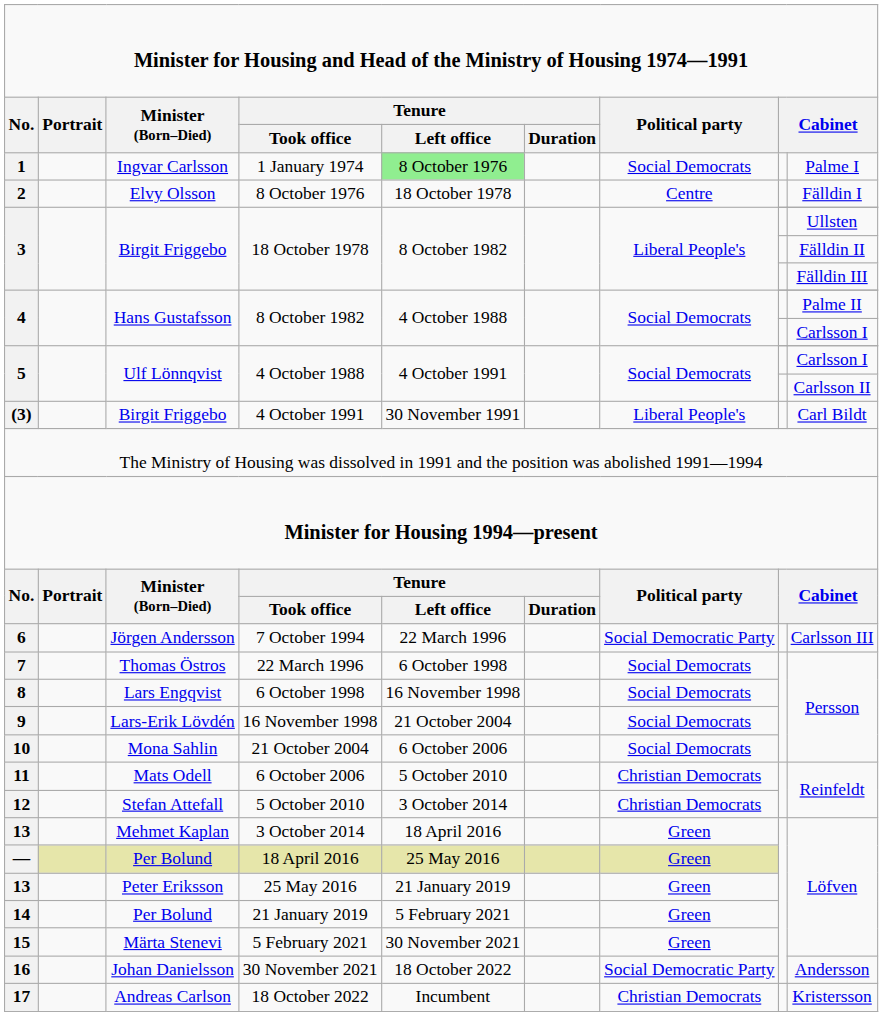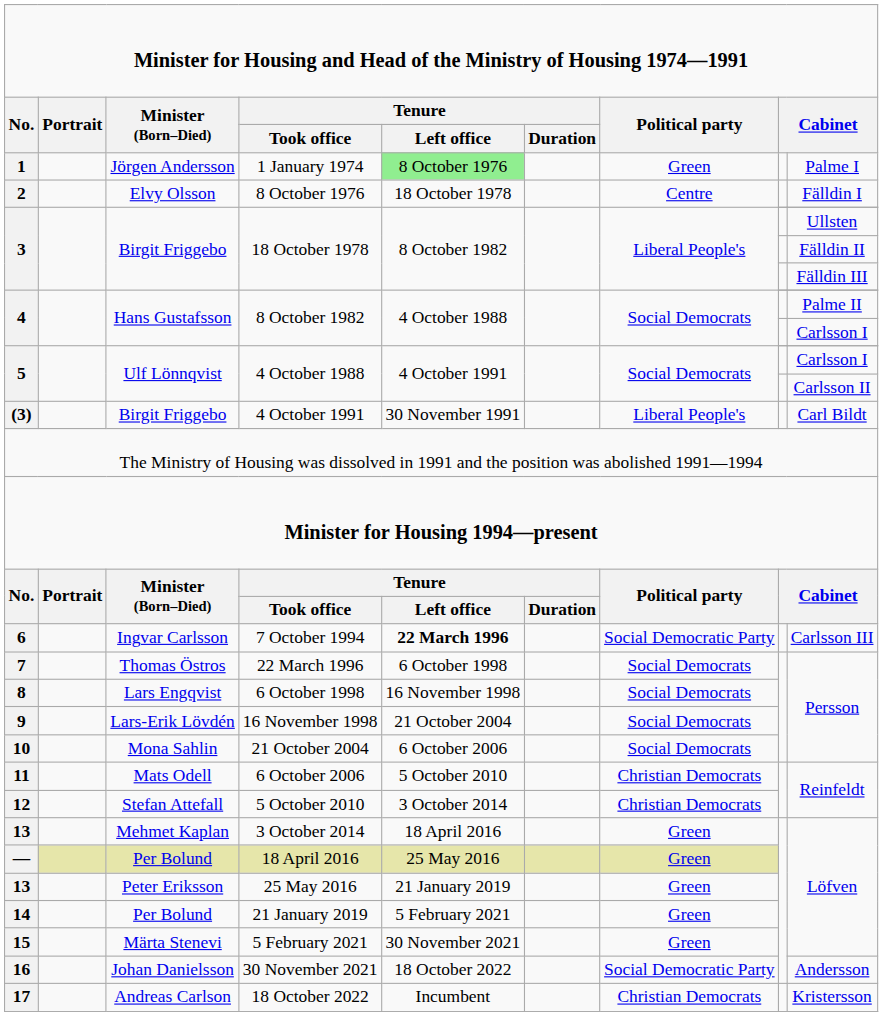 <table class="wikitable" style="text-align: center;">
 <tr>
 <td colspan=9><br><h3>Minister for Housing and Head of the Ministry of Housing 1974—1991</h3></td>
 </tr>
 <tr>
 <th rowspan="2">No.</th>
 <th rowspan="2">Portrait</th>
 <th rowspan="2">Minister<br><small>(Born–Died)</small></th>
 <th colspan="3">Tenure</th>
 <th rowspan="2">Political party</th>
 <th rowspan="2" colspan="2"><a href='#'>Cabinet</a></th>
 </tr>
 <tr>
 <th>Took office</th>
 <th>Left office</th>
 <th>Duration</th>
 </tr>
 <tr>
 <th style="background: ">1</th>
 <td></td>
-<td><a href='#'>Ingvar Carlsson</a><br></td>
+<td><a href='#'>Jörgen Andersson</a><br></td>
 <td>1 January 1974</td>
 <td style="background: lightgreen;">8 October 1976</td>
 <td></td>
-<td><a href='#'>Social Democrats</a></td>
+<td><a href='#'>Green</a></td>
 <td style="background: "></td>
 <td><a href='#'>Palme I</a></td>
 </tr>
 <tr>
 <th style="background: ">2</th>
 <td></td>
 <td><a href='#'>Elvy Olsson</a><br></td>
 <td>8 October 1976</td>
 <td>18 October 1978</td>
 <td></td>
 <td><a href='#'>Centre</a></td>
 <td style="background: "></td>
 <td><a href='#'>Fälldin I</a></td>
 </tr>
 <tr>
 <th rowspan="4" style="background: ">3</th>
 <td rowspan="4"></td>
 <td rowspan="4"><a href='#'>Birgit Friggebo</a><br></td>
 <td rowspan="4">18 October 1978</td>
 <td rowspan="4">8 October 1982</td>
 <td rowspan="4"></td>
 <td rowspan="4"><a href='#'>Liberal People's</a></td>
 </tr>
 <tr>
 <td style="background: "></td>
 <td><a href='#'>Ullsten</a></td>
 </tr>
 <tr>
 <td style="background: "></td>
 <td><a href='#'>Fälldin II</a></td>
 </tr>
 <tr>
 <td style="background: "></td>
 <td><a href='#'>Fälldin III</a></td>
 </tr>
 <tr>
 <th rowspan="3" style="background: ">4</th>
 <td rowspan="3"></td>
 <td rowspan="3"><a href='#'>Hans Gustafsson</a><br></td>
 <td rowspan="3">8 October 1982</td>
 <td rowspan="3">4 October 1988</td>
 <td rowspan="3"></td>
 <td rowspan="3"><a href='#'>Social Democrats</a></td>
 </tr>
 <tr>
 <td style="background: "></td>
 <td><a href='#'>Palme II</a></td>
 </tr>
 <tr>
 <td style="background: "></td>
 <td><a href='#'>Carlsson I</a></td>
 </tr>
 <tr>
 <th rowspan="3" style="background: ">5</th>
 <td rowspan="3"></td>
 <td rowspan="3"><a href='#'>Ulf Lönnqvist</a><br></td>
 <td rowspan="3">4 October 1988</td>
 <td rowspan="3">4 October 1991</td>
 <td rowspan="3"></td>
 <td rowspan="3"><a href='#'>Social Democrats</a></td>
 </tr>
 <tr>
 <td style="background: "></td>
 <td><a href='#'>Carlsson I</a></td>
 </tr>
 <tr>
 <td style="background: "></td>
 <td><a href='#'>Carlsson II</a></td>
 </tr>
 <tr>
 <th style="background: ">(3)</th>
 <td></td>
 <td><a href='#'>Birgit Friggebo</a><br></td>
 <td>4 October 1991</td>
 <td>30 November 1991</td>
 <td></td>
 <td><a href='#'>Liberal People's</a></td>
 <td style="background: "></td>
 <td><a href='#'>Carl Bildt</a></td>
 </tr>
 <tr>
 <td colspan=9><br>The Ministry of Housing was dissolved in 1991 and the position was abolished 1991—1994</td>
 </tr>
 <tr>
 <td colspan=9><br><h3>Minister for Housing 1994—present</h3></td>
 </tr>
 <tr>
 <th rowspan="2">No.</th>
 <th rowspan="2">Portrait</th>
 <th rowspan="2">Minister<br><small>(Born–Died)</small></th>
 <th colspan="3">Tenure</th>
 <th rowspan="2">Political party</th>
 <th rowspan="2" colspan="2"><a href='#'>Cabinet</a></th>
 </tr>
 <tr>
 <th>Took office</th>
 <th>Left office</th>
 <th>Duration</th>
 </tr>
 <tr>
 <th style="background: ">6</th>
 <td></td>
-<td><a href='#'>Jörgen Andersson</a><br></td>
+<td><a href='#'>Ingvar Carlsson</a><br></td>
 <td>7 October 1994</td>
-<td>22 March 1996</td>
+<td><strong>22 March 1996</strong></td>
 <td></td>
 <td><a href='#'>Social Democratic Party</a></td>
 <td style="background: "></td>
 <td><a href='#'>Carlsson III</a></td>
 </tr>
 <tr>
 <th style="background: ">7</th>
 <td></td>
 <td><a href='#'>Thomas Östros</a><br></td>
 <td>22 March 1996</td>
 <td>6 October 1998</td>
 <td></td>
 <td><a href='#'>Social Democrats</a></td>
 <td rowspan="4" style="background: "></td>
 <td rowspan="4"><a href='#'>Persson</a></td>
 </tr>
 <tr>
 <th style="background: ">8</th>
 <td></td>
 <td><a href='#'>Lars Engqvist</a><br></td>
 <td>6 October 1998</td>
 <td>16 November 1998</td>
 <td></td>
 <td><a href='#'>Social Democrats</a></td>
 </tr>
 <tr>
 <th style="background: ">9</th>
 <td></td>
 <td><a href='#'>Lars-Erik Lövdén</a><br></td>
 <td>16 November 1998</td>
 <td>21 October 2004</td>
 <td></td>
 <td><a href='#'>Social Democrats</a></td>
 </tr>
 <tr>
 <th style="background: ">10</th>
 <td></td>
 <td><a href='#'>Mona Sahlin</a><br></td>
 <td>21 October 2004</td>
 <td>6 October 2006</td>
 <td></td>
 <td><a href='#'>Social Democrats</a></td>
 </tr>
 <tr>
 <th style="background: ">11</th>
 <td></td>
 <td><a href='#'>Mats Odell</a><br></td>
 <td>6 October 2006</td>
 <td>5 October 2010</td>
 <td></td>
 <td><a href='#'>Christian Democrats</a></td>
 <td rowspan="2" style="background: "></td>
 <td rowspan="2"><a href='#'>Reinfeldt</a></td>
 </tr>
 <tr>
 <th style="background: ">12</th>
 <td></td>
 <td><a href='#'>Stefan Attefall</a><br></td>
 <td>5 October 2010</td>
 <td>3 October 2014</td>
 <td></td>
 <td><a href='#'>Christian Democrats</a></td>
 </tr>
 <tr>
 <th style="background: ">13</th>
 <td></td>
 <td><a href='#'>Mehmet Kaplan</a><br></td>
 <td>3 October 2014</td>
 <td>18 April 2016</td>
 <td></td>
 <td><a href='#'>Green</a></td>
 <td rowspan="6" style="background: "></td>
 <td rowspan="5"><a href='#'>Löfven</a></td>
 </tr>
 <tr>
 <th style="background: ">—</th>
 <td bgcolor=#E6E6AA></td>
 <td bgcolor=#E6E6AA><a href='#'>Per Bolund</a><br></td>
 <td bgcolor=#E6E6AA>18 April 2016</td>
 <td bgcolor=#E6E6AA>25 May 2016</td>
 <td bgcolor=#E6E6AA></td>
 <td bgcolor=#E6E6AA><a href='#'>Green</a></td>
 </tr>
 <tr>
 <th style="background: ">13</th>
 <td></td>
 <td><a href='#'>Peter Eriksson</a><br></td>
 <td>25 May 2016</td>
 <td>21 January 2019</td>
 <td></td>
 <td><a href='#'>Green</a></td>
 </tr>
 <tr>
 <th style="background: ">14</th>
 <td></td>
 <td><a href='#'>Per Bolund</a><br></td>
 <td>21 January 2019</td>
 <td>5 February 2021</td>
 <td></td>
 <td><a href='#'>Green</a></td>
 </tr>
 <tr>
 <th style="background: ">15</th>
 <td></td>
 <td><a href='#'>Märta Stenevi</a><br></td>
 <td>5 February 2021</td>
 <td>30 November 2021</td>
 <td></td>
 <td><a href='#'>Green</a></td>
 </tr>
 <tr>
 <th style="background: ">16</th>
 <td></td>
 <td><a href='#'>Johan Danielsson</a><br></td>
 <td>30 November 2021</td>
 <td>18 October 2022</td>
 <td></td>
 <td><a href='#'>Social Democratic Party</a></td>
 <td rowspan="1"><a href='#'>Andersson</a></td>
 </tr>
 <tr>
 <th style="background: ">17</th>
 <td></td>
 <td><a href='#'>Andreas Carlson</a><br></td>
 <td>18 October 2022</td>
 <td>Incumbent</td>
 <td></td>
 <td><a href='#'>Christian Democrats</a></td>
 <td rowspan="1" style="background: "></td>
 <td rowspan="1"><a href='#'>Kristersson</a></td>
 </tr>
 <tr>
 </tr>
 </table>
